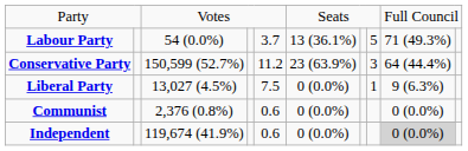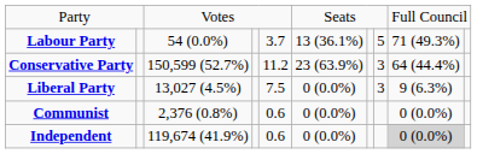 <table class=wikitable style="text-align:center;">
 <tr>
 <td colspan=2>Party</td>
 <td colspan=3>Votes</td>
 <td colspan=3>Seats</td>
 <td colspan=3>Full Council</td>
 </tr>
 <tr>
 <td><strong><a href='#'>Labour Party</a></strong></td>
 <td style="background:"></td>
 <td>54 (0.0%)</td>
 <td></td>
 <td> 3.7</td>
 <td>13 (36.1%)</td>
 <td></td>
 <td> 5</td>
 <td>71 (49.3%)</td>
 <td></td>
 </tr>
 <tr>
 <td><strong><a href='#'>Conservative Party</a></strong></td>
 <td style="background:"></td>
 <td>150,599 (52.7%)</td>
 <td></td>
 <td> 11.2</td>
 <td>23 (63.9%)</td>
 <td></td>
 <td> 3</td>
 <td>64 (44.4%)</td>
 <td></td>
 </tr>
 <tr>
 <td><strong><a href='#'>Liberal Party</a></strong></td>
 <td style="background:"></td>
 <td>13,027 (4.5%)</td>
 <td></td>
 <td> 7.5</td>
 <td>0 (0.0%)</td>
 <td></td>
-<td> 1</td>
+<td> 3</td>
 <td>9 (6.3%)</td>
 <td></td>
 </tr>
 <tr>
 <td><strong><a href='#'>Communist</a></strong></td>
 <td style="background:"></td>
 <td>2,376 (0.8%)</td>
 <td></td>
 <td> 0.6</td>
 <td>0 (0.0%)</td>
 <td></td>
 <td></td>
 <td>0 (0.0%)</td>
 <td></td>
 </tr>
 <tr>
 <td><strong><a href='#'>Independent</a></strong></td>
 <td style="background:"></td>
 <td>119,674 (41.9%)</td>
 <td></td>
 <td> 0.6</td>
 <td>0 (0.0%)</td>
 <td></td>
 <td></td>
 <td style="background: lightgrey;">0 (0.0%)</td>
 <td></td>
 </tr>
 </table>
